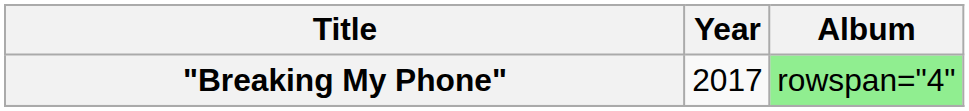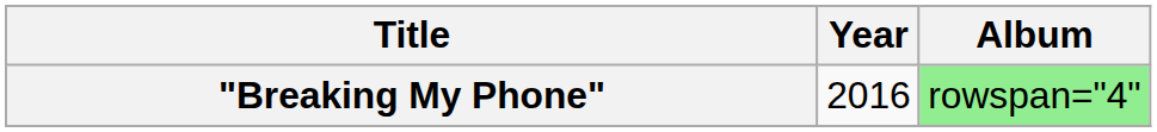 <table class="wikitable plainrowheaders" style="text-align:center;">
 <tr>
 <th scope="col" style="width:21em;">Title</th>
 <th scope="col" style="width:1em;">Year</th>
 <th scope="col">Album</th>
 </tr>
 <tr>
 <th scope="row">"Breaking My Phone"<br></th>
-<td>2017</td>
+<td>2016</td>
 <td style="background: lightgreen;">rowspan="4" </td>
 </tr>
 <tr>
 </tr>
 </table>
